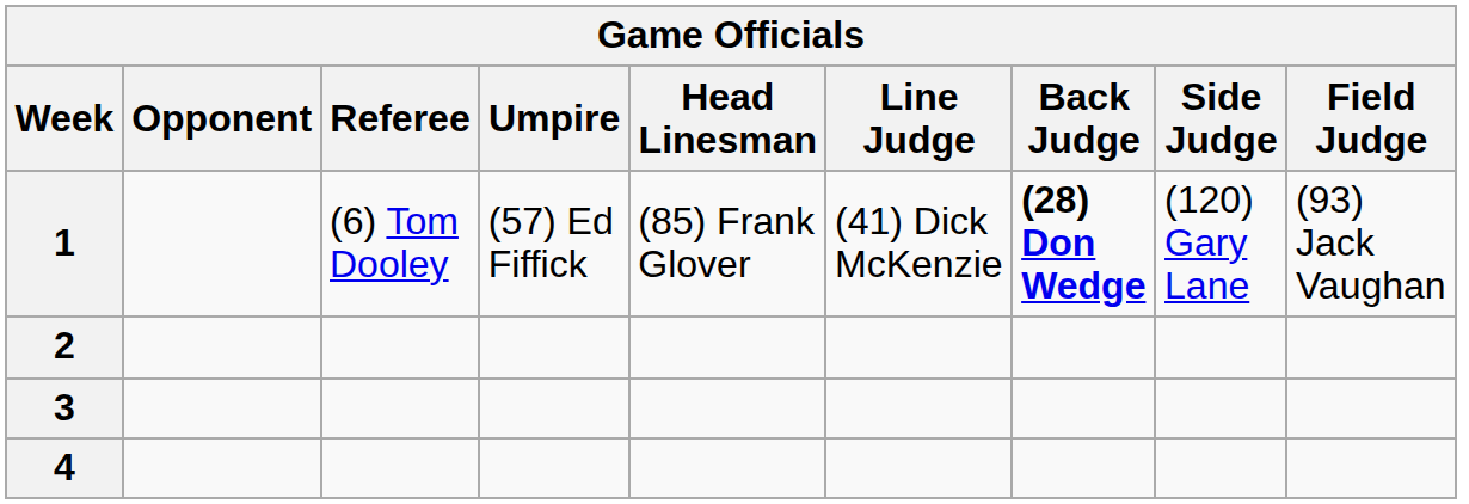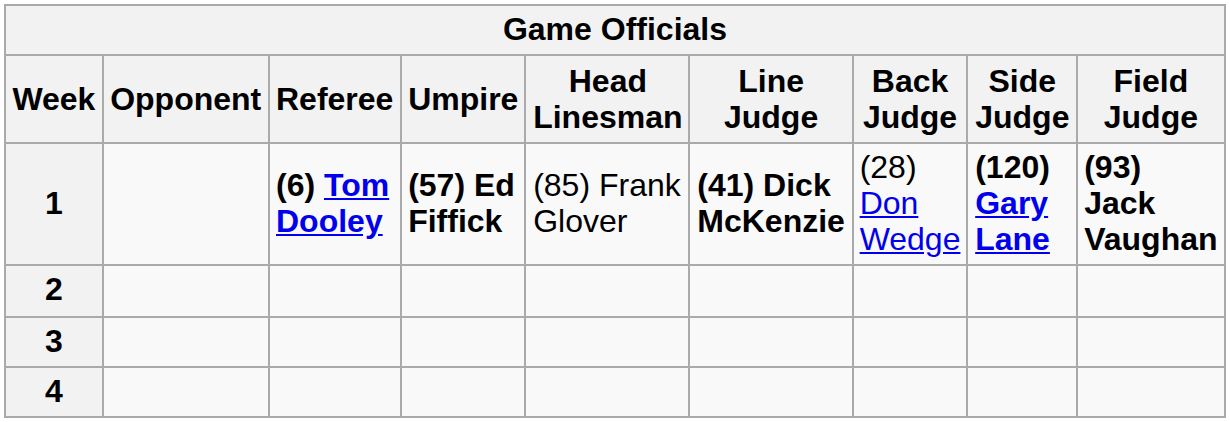 <table class="wikitable">
 <tr>
 <th colspan="9">Game Officials</th>
 </tr>
 <tr>
 <th>Week</th>
 <th>Opponent</th>
 <th>Referee</th>
 <th>Umpire</th>
 <th>Head Linesman</th>
 <th>Line Judge</th>
 <th>Back Judge</th>
 <th>Side Judge</th>
 <th>Field Judge</th>
 </tr>
 <tr -style="background: #fcc;">
 <th>1</th>
 <td></td>
-<td>(6) <a href='#'>Tom Dooley</a></td>
-<td>(57) Ed Fiffick</td>
+<td><strong>(6) <a href='#'>Tom Dooley</a></strong></td>
+<td><strong>(57) Ed Fiffick</strong></td>
 <td>(85) Frank Glover</td>
-<td>(41) Dick McKenzie</td>
-<td><strong>(28) <a href='#'>Don Wedge</a></strong></td>
-<td>(120) <a href='#'>Gary Lane</a></td>
-<td>(93) Jack Vaughan</td>
+<td><strong>(41) Dick McKenzie</strong></td>
+<td>(28) <a href='#'>Don Wedge</a></td>
+<td><strong>(120) <a href='#'>Gary Lane</a></strong></td>
+<td><strong>(93) Jack Vaughan</strong></td>
 </tr>
 <tr -style="background: #cfc;">
 <th>2</th>
 <td></td>
 <td></td>
 <td></td>
 <td></td>
 <td></td>
 <td></td>
 <td></td>
 <td></td>
 </tr>
 <tr -style="background: #cfc;">
 <th>3</th>
 <td></td>
 <td></td>
 <td></td>
 <td></td>
 <td></td>
 <td></td>
 <td></td>
 <td></td>
 </tr>
 <tr -style="background: #cfc;">
 <th>4</th>
 <td></td>
 <td></td>
 <td></td>
 <td></td>
 <td></td>
 <td></td>
 <td></td>
 <td></td>
 </tr>
 </table>
